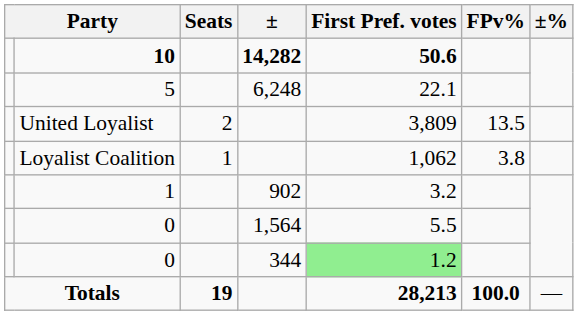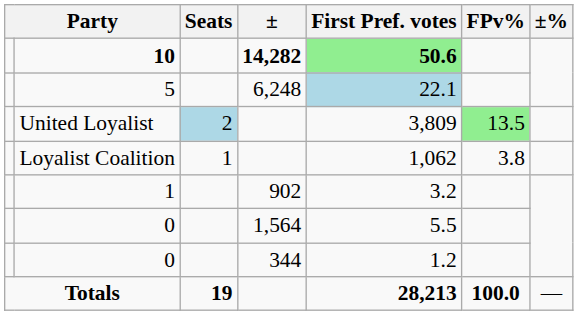 <table class=wikitable>
 <tr>
 <th colspan=2 align=center>Party</th>
 <th valign=top>Seats</th>
 <th valign=top>±</th>
 <th valign=top>First Pref. votes</th>
 <th valign=top>FPv%</th>
 <th valign=top>±%</th>
 </tr>
 <tr>
 <td></td>
 <td align=right><strong>10</strong></td>
 <td align=right></td>
 <td align=right><strong>14,282</strong></td>
-<td align=right><strong>50.6</strong></td>
+<td align=right style="background: lightgreen;"><strong>50.6</strong></td>
 <td align=right></td>
 </tr>
 <tr>
 <td></td>
 <td align=right>5</td>
 <td align=right></td>
 <td align=right>6,248</td>
-<td align=right>22.1</td>
+<td align=right style="background: lightblue;">22.1</td>
 <td align=right></td>
 </tr>
 <tr>
 <td></td>
 <td>United Loyalist</td>
-<td align=right>2</td>
+<td align=right style="background: lightblue;">2</td>
 <td align=right></td>
 <td align=right>3,809</td>
-<td align=right>13.5</td>
+<td align=right style="background: lightgreen;">13.5</td>
 <td align=right></td>
 </tr>
 <tr>
 <td></td>
 <td>Loyalist Coalition</td>
 <td align=right>1</td>
 <td align=right></td>
 <td align=right>1,062</td>
 <td align=right>3.8</td>
 <td align=right></td>
 </tr>
 <tr>
 <td></td>
 <td align=right>1</td>
 <td align=right></td>
 <td align=right>902</td>
 <td align=right>3.2</td>
 <td align=right></td>
 </tr>
 <tr>
 <td></td>
 <td align=right>0</td>
 <td align=right></td>
 <td align=right>1,564</td>
 <td align=right>5.5</td>
 <td align=right></td>
 </tr>
 <tr>
 <td></td>
 <td align=right>0</td>
 <td align=right></td>
 <td align=right>344</td>
-<td align=right style="background: lightgreen;">1.2</td>
+<td align=right>1.2</td>
 <td align=right></td>
 </tr>
 <tr>
 <td colspan=2 align=center><strong>Totals</strong></td>
 <td align=right><strong>19</strong></td>
 <td align=center></td>
 <td align=right><strong>28,213</strong></td>
 <td align=center><strong>100.0</strong></td>
 <td align=center>—</td>
 </tr>
 </table>
